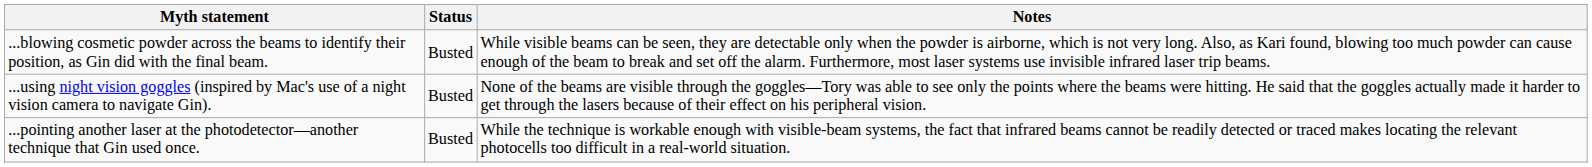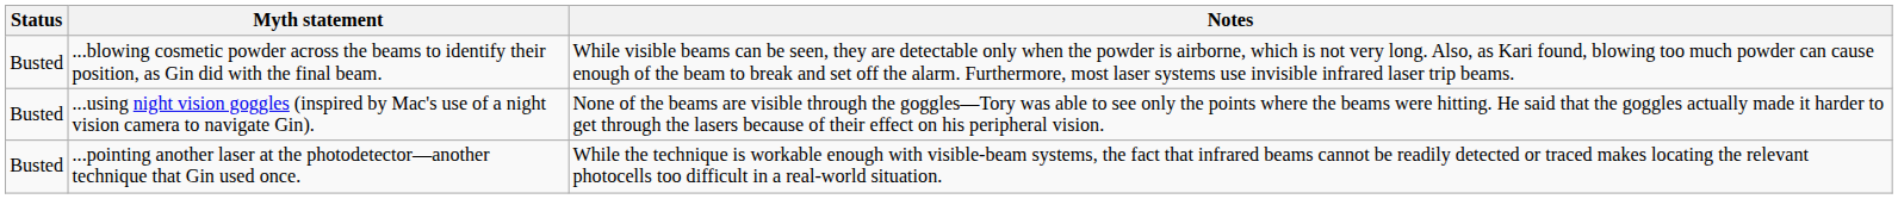 <table class="wikitable plainrowheaders">
 <tr>
+<th>Status</th>
 <th>Myth statement</th>
-<th>Status</th>
 <th>Notes</th>
 </tr>
 <tr>
+<td><span>Busted</span></td>
 <td>...blowing cosmetic powder across the beams to identify their position, as Gin did with the final beam.</td>
-<td><span>Busted</span></td>
 <td>While visible beams can be seen, they are detectable only when the powder is airborne, which is not very long. Also, as Kari found, blowing too much powder can cause enough of the beam to break and set off the alarm. Furthermore, most laser systems use invisible infrared laser trip beams.</td>
 </tr>
 <tr>
+<td><span>Busted</span></td>
 <td>...using <a href='#'>night vision goggles</a> (inspired by Mac's use of a night vision camera to navigate Gin).</td>
-<td><span>Busted</span></td>
 <td>None of the beams are visible through the goggles—Tory was able to see only the points where the beams were hitting. He said that the goggles actually made it harder to get through the lasers because of their effect on his peripheral vision.</td>
 </tr>
 <tr>
+<td><span>Busted</span></td>
 <td>...pointing another laser at the photodetector—another technique that Gin used once.</td>
-<td><span>Busted</span></td>
 <td>While the technique is workable enough with visible-beam systems, the fact that infrared beams cannot be readily detected or traced makes locating the relevant photocells too difficult in a real-world situation.</td>
 </tr>
 </table>
